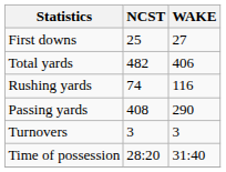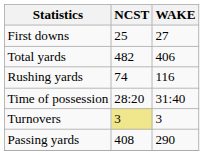 <table class="wikitable" style="float: left;">
 <tr>
 <th>Statistics</th>
 <th>NCST</th>
 <th>WAKE</th>
 </tr>
 <tr>
 <td>First downs</td>
 <td>25</td>
 <td>27</td>
 </tr>
 <tr>
 <td>Total yards</td>
 <td>482</td>
 <td>406</td>
 </tr>
 <tr>
 <td>Rushing yards</td>
 <td>74</td>
 <td>116</td>
 </tr>
 <tr>
+<td>Time of possession</td>
+<td>28:20</td>
+<td>31:40</td>
+</tr>
+<tr>
+<td>Turnovers</td>
+<td style="background: khaki;">3</td>
+<td>3</td>
+</tr>
+<tr>
 <td>Passing yards</td>
 <td>408</td>
 <td>290</td>
 </tr>
 <tr>
-<td>Turnovers</td>
-<td>3</td>
-<td>3</td>
-</tr>
-<tr>
-<td>Time of possession</td>
-<td>28:20</td>
-<td>31:40</td>
-</tr>
-<tr>
 </tr>
 </table>
